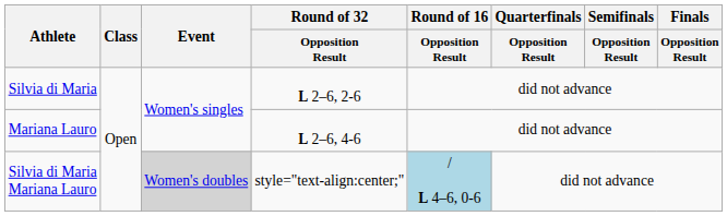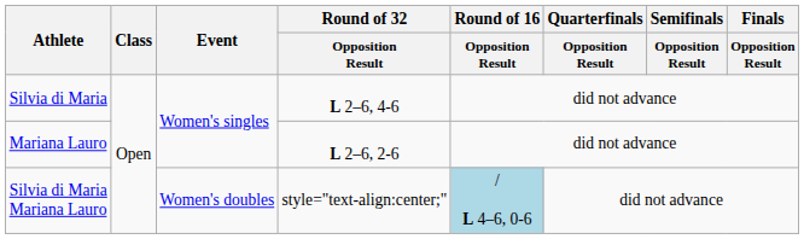 <table class=wikitable style="font-size:90%">
 <tr>
 <th rowspan="2">Athlete</th>
 <th rowspan="2">Class</th>
 <th rowspan="2">Event</th>
 <th>Round of 32</th>
 <th>Round of 16</th>
 <th>Quarterfinals</th>
 <th>Semifinals</th>
 <th>Finals</th>
 </tr>
 <tr>
 <th style="line-height:1em"><small>Opposition<br>Result</small></th>
 <th style="line-height:1em"><small>Opposition<br>Result</small></th>
 <th style="line-height:1em"><small>Opposition<br>Result</small></th>
 <th style="line-height:1em"><small>Opposition<br>Result</small></th>
 <th style="line-height:1em"><small>Opposition<br>Result</small></th>
 </tr>
 <tr>
 <td><a href='#'>Silvia di Maria</a></td>
 <td rowspan="3" style="text-align:center;">Open</td>
 <td rowspan="2"><a href='#'>Women's singles</a></td>
+<td style="text-align:center;"><br><strong>L</strong> 2–6, 4-6</td>
+<td style="text-align:center;" colspan="4">did not advance</td>
+</tr>
+<tr>
+<td><a href='#'>Mariana Lauro</a></td>
 <td style="text-align:center;"><br><strong>L</strong> 2–6, 2-6</td>
 <td style="text-align:center;" colspan="4">did not advance</td>
 </tr>
 <tr>
-<td><a href='#'>Mariana Lauro</a></td>
-<td style="text-align:center;"><br><strong>L</strong> 2–6, 4-6</td>
-<td style="text-align:center;" colspan="4">did not advance</td>
-</tr>
-<tr>
 <td><a href='#'>Silvia di Maria</a><br> <a href='#'>Mariana Lauro</a></td>
-<td style="background: lightgrey;"><a href='#'>Women's doubles</a></td>
+<td><a href='#'>Women's doubles</a></td>
 <td>style="text-align:center;" </td>
 <td style="background: lightblue; text-align:center;"> /<br><br><strong>L</strong> 4–6, 0-6</td>
 <td style="text-align:center;" colspan="3">did not advance</td>
 </tr>
 </table>
